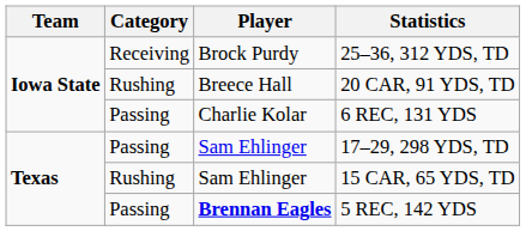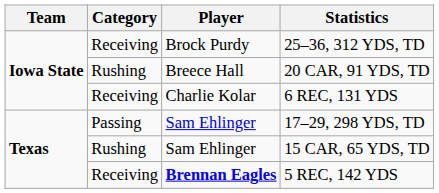 <table class="wikitable" style="float: right;">
 <tr>
 <th>Team</th>
 <th>Category</th>
 <th>Player</th>
 <th>Statistics</th>
 </tr>
 <tr>
 <td rowspan=3><strong>Iowa State</strong></td>
 <td>Receiving</td>
 <td>Brock Purdy</td>
 <td>25–36, 312 YDS, TD</td>
 </tr>
 <tr>
 <td>Rushing</td>
 <td>Breece Hall</td>
 <td>20 CAR, 91 YDS, TD</td>
 </tr>
 <tr>
-<td>Passing</td>
+<td>Receiving</td>
 <td>Charlie Kolar</td>
 <td>6 REC, 131 YDS</td>
 </tr>
 <tr>
 <td rowspan=3><strong>Texas</strong></td>
 <td>Passing</td>
 <td><a href='#'>Sam Ehlinger</a></td>
 <td>17–29, 298 YDS, TD</td>
 </tr>
 <tr>
 <td>Rushing</td>
 <td>Sam Ehlinger</td>
 <td>15 CAR, 65 YDS, TD</td>
 </tr>
 <tr>
-<td>Passing</td>
+<td>Receiving</td>
 <td><strong><a href='#'>Brennan Eagles</a></strong></td>
 <td>5 REC, 142 YDS</td>
 </tr>
 </table>
